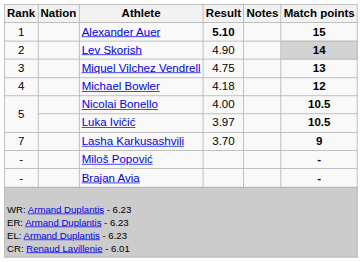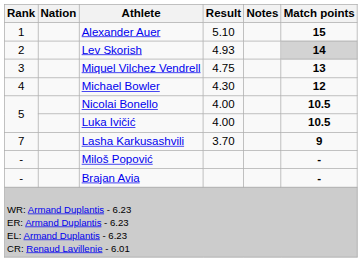 <table class="wikitable sortable" style="text-align:left;">
 <tr>
 <th>Rank</th>
 <th>Nation</th>
 <th>Athlete</th>
 <th>Result</th>
 <th>Notes</th>
 <th>Match points</th>
 </tr>
 <tr>
 <td align=center>1</td>
 <td></td>
 <td><a href='#'>Alexander Auer</a></td>
-<td align=center><strong>5.10</strong></td>
+<td align=center>5.10</td>
 <td align=center></td>
 <td align=center><strong>15</strong></td>
 </tr>
 <tr>
 <td align=center>2</td>
 <td></td>
 <td><a href='#'>Lev Skorish</a></td>
-<td align=center>4.90</td>
+<td align=center>4.93</td>
 <td></td>
 <td align=center style="background: lightgrey;"><strong>14</strong></td>
 </tr>
 <tr>
 <td align=center>3</td>
 <td></td>
 <td><a href='#'>Miquel Vilchez Vendrell</a></td>
 <td align=center>4.75</td>
 <td></td>
 <td align=center><strong>13</strong></td>
 </tr>
 <tr>
 <td align=center>4</td>
 <td></td>
 <td><a href='#'>Michael Bowler</a></td>
-<td align=center>4.18</td>
+<td align=center>4.30</td>
 <td></td>
 <td align=center><strong>12</strong></td>
 </tr>
 <tr>
 <td rowspan="2" align=center>5</td>
 <td></td>
 <td><a href='#'>Nicolai Bonello</a></td>
 <td align=center>4.00</td>
 <td></td>
 <td align=center><strong>10.5</strong></td>
 </tr>
 <tr>
 <td></td>
 <td><a href='#'>Luka Ivičić</a></td>
-<td align=center>3.97</td>
+<td align=center>4.00</td>
 <td></td>
 <td align=center><strong>10.5</strong></td>
 </tr>
 <tr>
 <td align=center>7</td>
 <td></td>
 <td><a href='#'>Lasha Karkusashvili</a></td>
 <td align=center>3.70</td>
 <td align=center></td>
 <td align=center><strong>9</strong></td>
 </tr>
 <tr>
 <td align=center>-</td>
 <td></td>
 <td><a href='#'>Miloš Popović</a></td>
 <td align=center></td>
 <td></td>
 <td align=center><strong>-</strong></td>
 </tr>
 <tr>
 <td align=center>-</td>
 <td></td>
 <td><a href='#'>Brajan Avia</a></td>
 <td align=center></td>
 <td></td>
 <td align=center><strong>-</strong></td>
 </tr>
 <tr>
 <td colspan="6" bgcolor="#cccccc"><br> <small>WR:   <a href='#'>Armand Duplantis</a> - 6.23<br>ER:  <a href='#'>Armand Duplantis</a> - 6.23<br></small> <small>EL:   <a href='#'>Armand Duplantis</a> - 6.23<br>CR:  <a href='#'>Renaud Lavillenie</a> - 6.01</small></td>
 </tr>
 </table>
